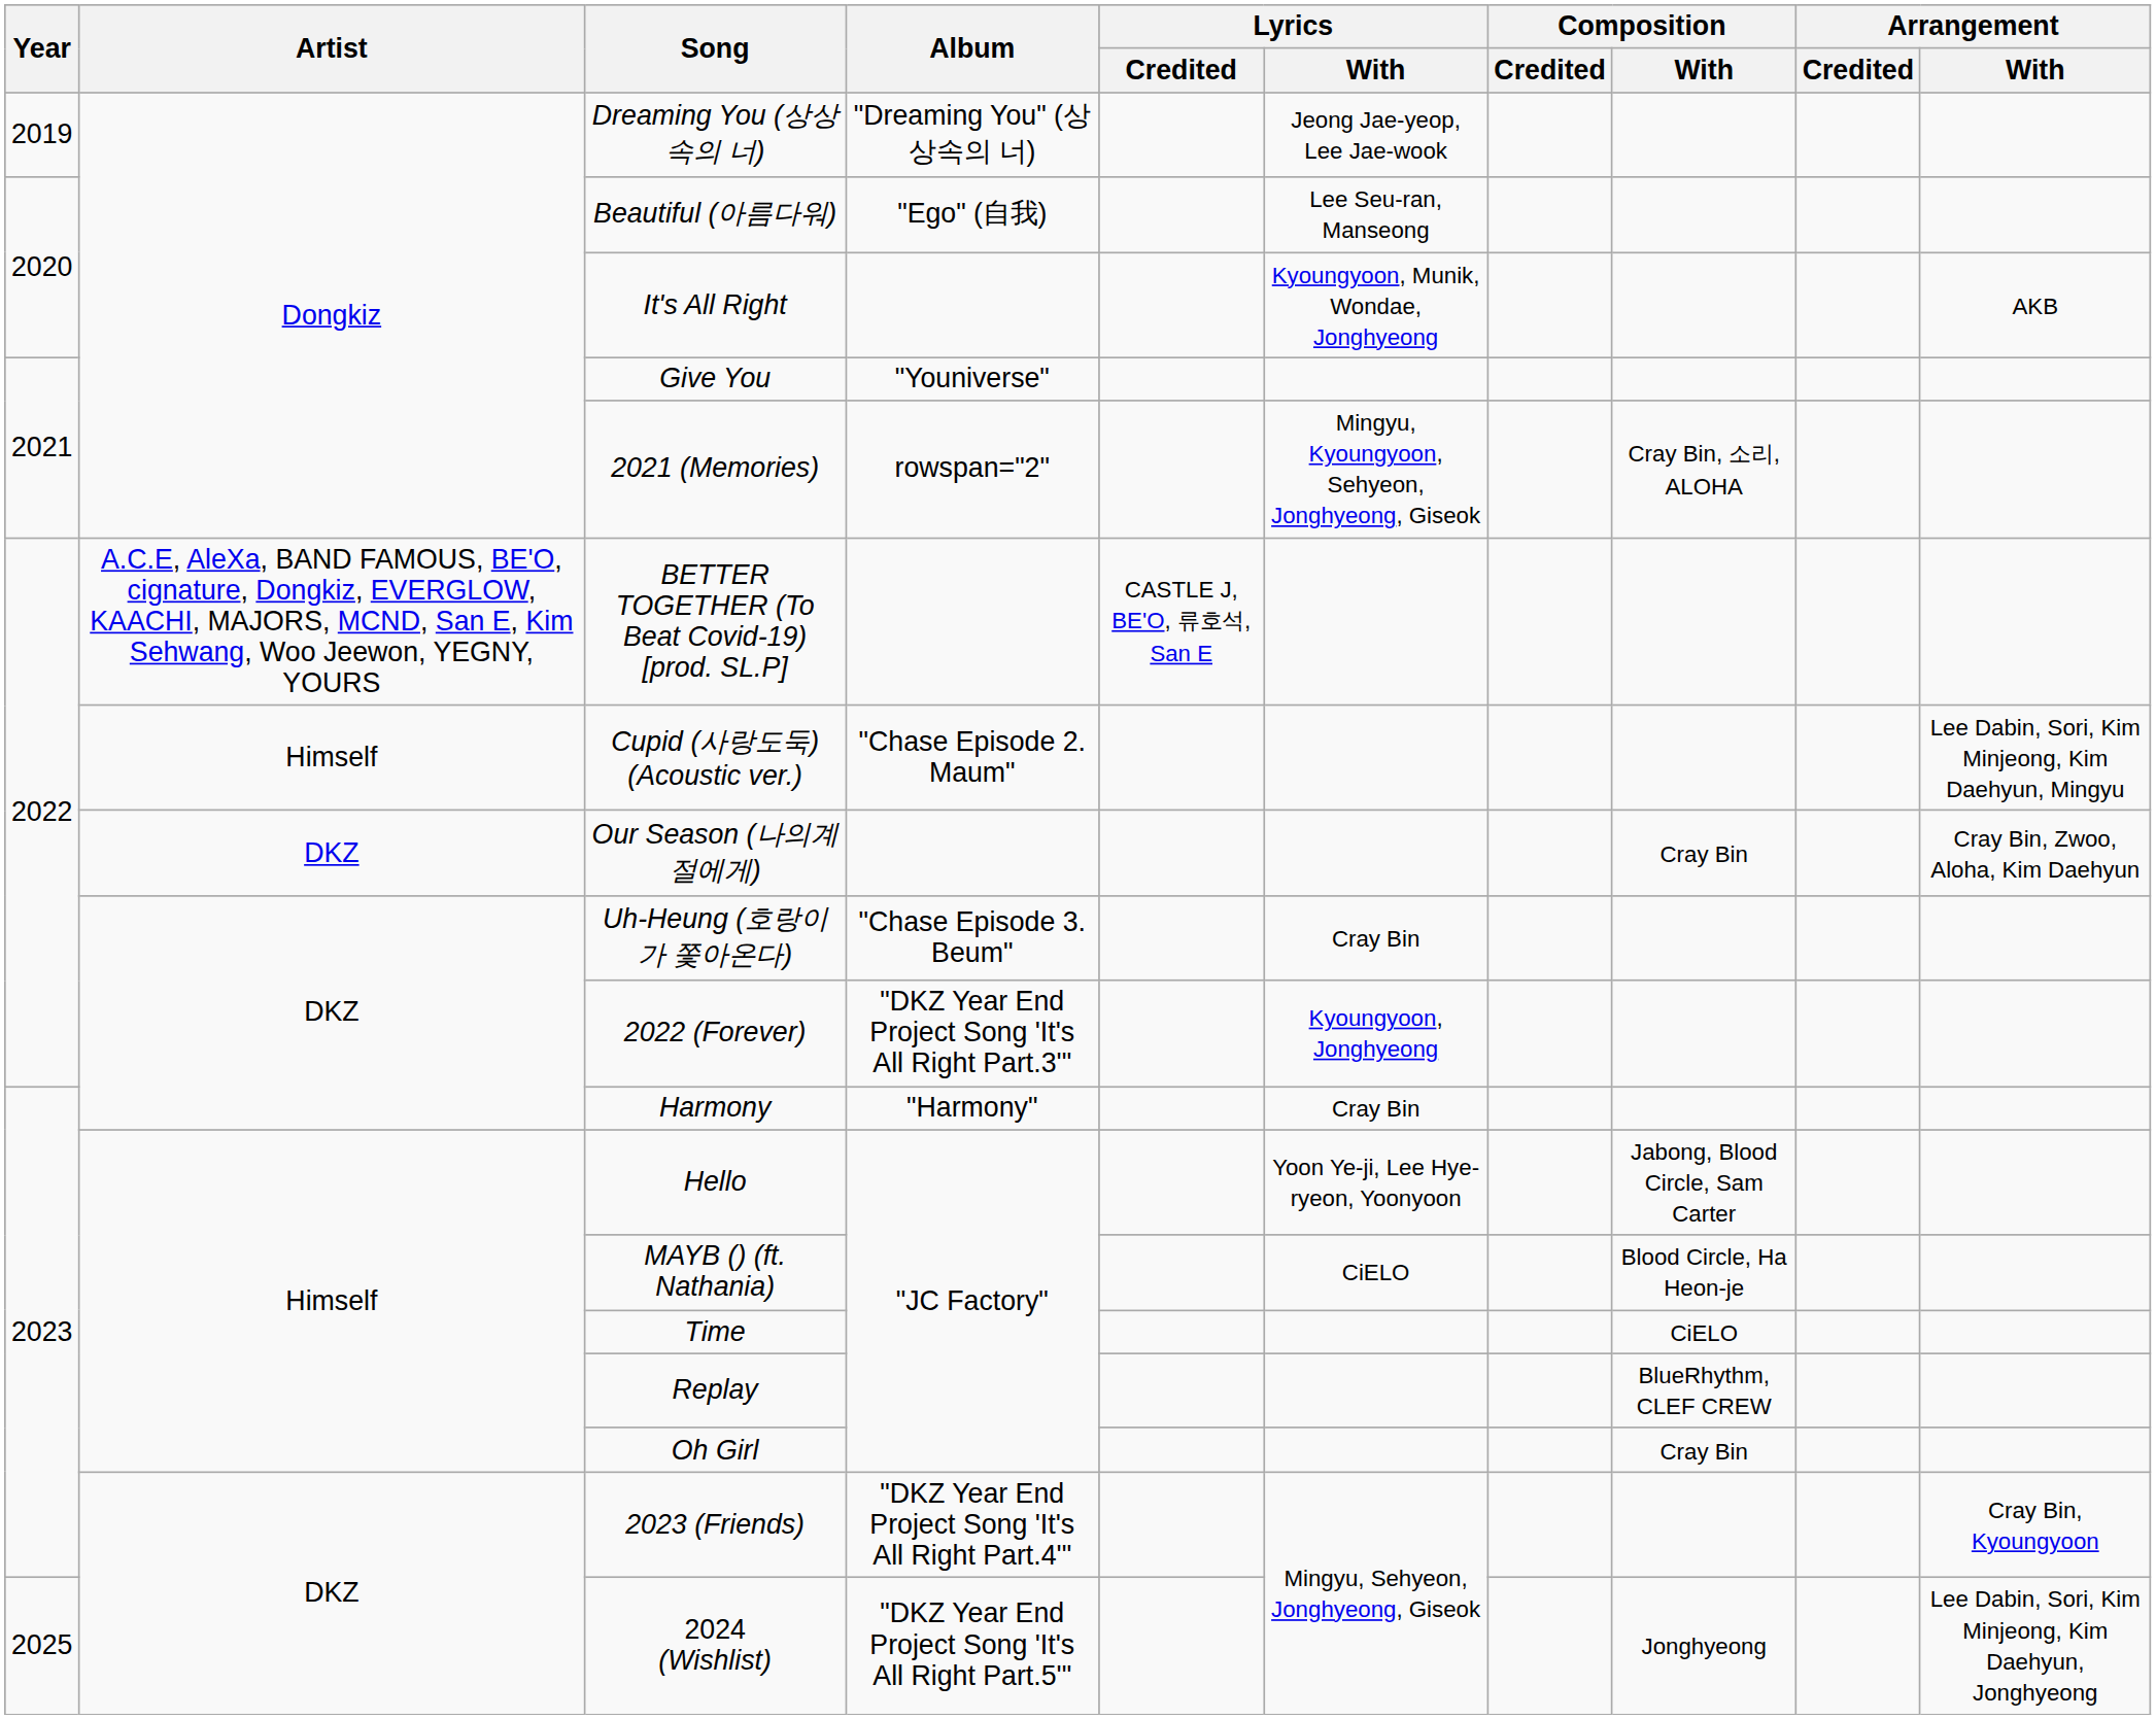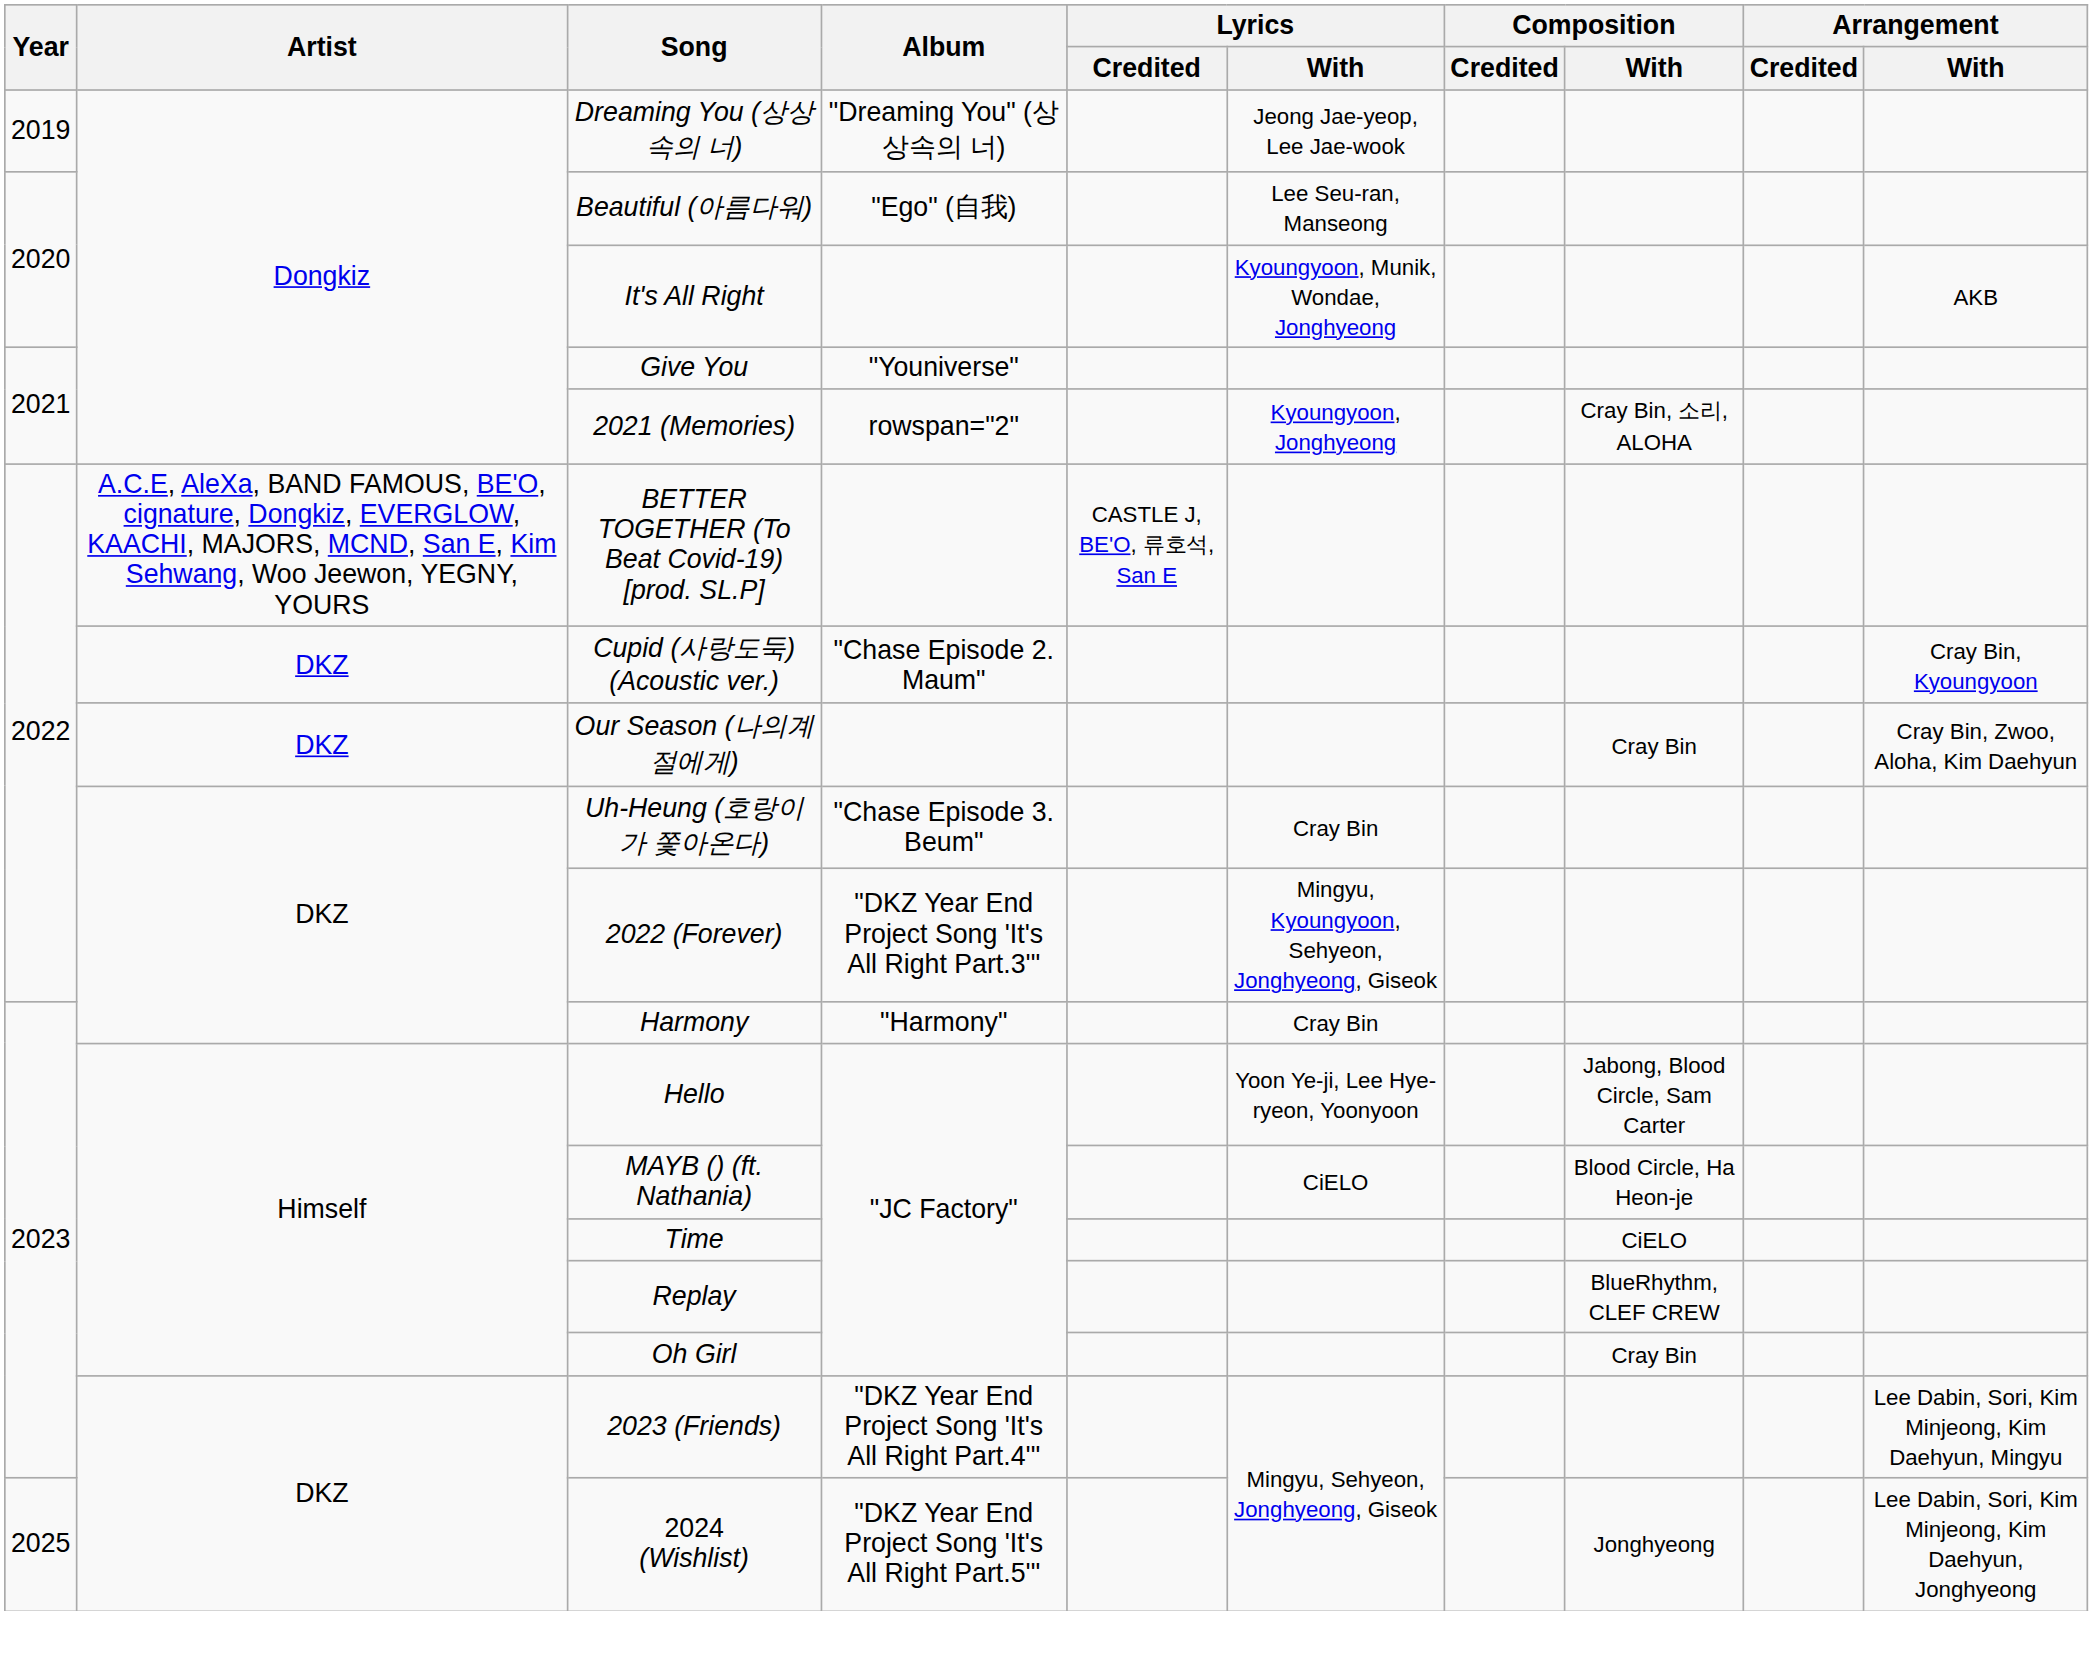 <table class="wikitable plainrowheaders" style="text-align:center;">
 <tr>
 <th rowspan="2">Year</th>
 <th rowspan="2">Artist</th>
 <th rowspan="2">Song</th>
 <th rowspan="2">Album</th>
 <th colspan="2">Lyrics</th>
 <th colspan="2">Composition</th>
 <th colspan="2">Arrangement</th>
 </tr>
 <tr>
 <th>Credited</th>
 <th>With</th>
 <th>Credited</th>
 <th>With</th>
 <th>Credited</th>
 <th>With</th>
 </tr>
 <tr>
 <td>2019</td>
 <td rowspan="5"><a href='#'>Dongkiz</a></td>
 <td><em>Dreaming You (상상 속의 너)</em></td>
 <td>"Dreaming You"  (상상속의 너)</td>
 <td></td>
 <td><small>Jeong Jae-yeop, Lee Jae-wook</small></td>
 <td></td>
 <td></td>
 <td></td>
 <td></td>
 </tr>
 <tr>
 <td rowspan="2">2020</td>
 <td><em>Beautiful (아름다워)</em></td>
 <td>"Ego" (自我)</td>
 <td></td>
 <td><small>Lee Seu-ran, Manseong</small></td>
 <td></td>
 <td></td>
 <td></td>
 <td></td>
 </tr>
 <tr>
 <td><em>It's All Right</em></td>
 <td></td>
 <td></td>
 <td><small><a href='#'>Kyoungyoon</a>, Munik, Wondae, <a href='#'>Jonghyeong</a></small></td>
 <td></td>
 <td></td>
 <td></td>
 <td><small>AKB</small></td>
 </tr>
 <tr>
 <td rowspan="2">2021</td>
 <td><em>Give You</em></td>
 <td>"Youniverse"</td>
 <td></td>
 <td></td>
 <td></td>
 <td></td>
 <td></td>
 <td></td>
 </tr>
 <tr>
 <td><em>2021 (Memories)</em></td>
 <td>rowspan="2" </td>
 <td></td>
-<td><small>Mingyu, <a href='#'>Kyoungyoon</a>, Sehyeon, <a href='#'>Jonghyeong</a>, Giseok</small></td>
+<td><small><a href='#'>Kyoungyoon</a>, <a href='#'>Jonghyeong</a></small></td>
 <td></td>
 <td><small>Cray Bin, 소리, ALOHA</small></td>
 <td></td>
 <td></td>
 </tr>
 <tr>
 <td rowspan="5">2022</td>
 <td><a href='#'>A.C.E</a>, <a href='#'>AleXa</a>, BAND FAMOUS, <a href='#'>BE'O</a>, <a href='#'>cignature</a>, <a href='#'>Dongkiz</a>, <a href='#'>EVERGLOW</a>, <a href='#'>KAACHI</a>, MAJORS, <a href='#'>MCND</a>, <a href='#'>San E</a>, <a href='#'>Kim Sehwang</a>, Woo Jeewon, YEGNY, YOURS</td>
 <td><em>BETTER TOGETHER (To Beat Covid-19) [prod. SL.P]</em></td>
 <td></td>
 <td><small>CASTLE J, <a href='#'>BE'O</a>, 류호석, <a href='#'>San E</a></small></td>
 <td></td>
 <td></td>
 <td></td>
 <td></td>
 </tr>
 <tr>
-<td>Himself</td>
+<td><a href='#'>DKZ</a></td>
 <td><em>Cupid (사랑도둑) (Acoustic ver.)</em></td>
 <td>"Chase Episode 2. Maum"</td>
 <td></td>
 <td></td>
 <td></td>
 <td></td>
 <td></td>
-<td><small>Lee Dabin, Sori, Kim Minjeong, Kim Daehyun, Mingyu</small></td>
+<td><small>Cray Bin, <a href='#'>Kyoungyoon</a></small></td>
 </tr>
 <tr>
 <td><a href='#'>DKZ</a></td>
 <td><em>Our Season (나의계절에게)</em></td>
 <td></td>
 <td></td>
 <td></td>
 <td></td>
 <td><small>Cray Bin</small></td>
 <td></td>
 <td><small>Cray Bin, Zwoo, Aloha, Kim Daehyun</small></td>
 </tr>
 <tr>
 <td rowspan="3">DKZ</td>
 <td><em>Uh-Heung (호랑이가 쫓아온다)</em></td>
 <td>"Chase Episode 3. Beum"</td>
 <td></td>
 <td><small>Cray Bin</small></td>
 <td></td>
 <td></td>
 <td></td>
 <td></td>
 </tr>
 <tr>
 <td><em>2022 (Forever)</em></td>
 <td>"DKZ Year End Project Song 'It's All Right Part.3'"</td>
 <td></td>
-<td><small><a href='#'>Kyoungyoon</a>, <a href='#'>Jonghyeong</a></small></td>
+<td><small>Mingyu, <a href='#'>Kyoungyoon</a>, Sehyeon, <a href='#'>Jonghyeong</a>, Giseok</small></td>
 <td></td>
 <td></td>
 <td></td>
 <td></td>
 </tr>
 <tr>
 <td rowspan="7">2023</td>
 <td><em>Harmony</em></td>
 <td>"Harmony"</td>
 <td></td>
 <td><small>Cray Bin</small></td>
 <td></td>
 <td></td>
 <td></td>
 <td></td>
 </tr>
 <tr>
 <td rowspan="5">Himself</td>
 <td><em>Hello</em></td>
 <td rowspan="5">"JC Factory"</td>
 <td></td>
 <td><small>Yoon Ye-ji, Lee Hye-ryeon, Yoonyoon</small></td>
 <td></td>
 <td><small>Jabong, Blood Circle, Sam Carter</small></td>
 <td></td>
 <td></td>
 </tr>
 <tr>
 <td><em>MAYB () (ft. Nathania)</em></td>
 <td></td>
 <td><small>CiELO</small></td>
 <td></td>
 <td><small>Blood Circle, Ha Heon-je</small></td>
 <td></td>
 <td></td>
 </tr>
 <tr>
 <td><em>Time</em></td>
 <td></td>
 <td></td>
 <td></td>
 <td><small>CiELO</small></td>
 <td></td>
 <td></td>
 </tr>
 <tr>
 <td><em>Replay</em></td>
 <td></td>
 <td></td>
 <td></td>
 <td><small>BlueRhythm, CLEF CREW</small></td>
 <td></td>
 <td></td>
 </tr>
 <tr>
 <td><em>Oh Girl</em></td>
 <td></td>
 <td></td>
 <td></td>
 <td><small>Cray Bin</small></td>
 <td></td>
 <td></td>
 </tr>
 <tr>
 <td rowspan="2">DKZ</td>
 <td><em>2023 (Friends)</em></td>
 <td>"DKZ Year End Project Song 'It's All Right Part.4'"</td>
 <td></td>
 <td rowspan="2"><small>Mingyu, Sehyeon, <a href='#'>Jonghyeong</a>, Giseok</small></td>
 <td></td>
 <td></td>
 <td></td>
-<td><small>Cray Bin, <a href='#'>Kyoungyoon</a></small></td>
+<td><small>Lee Dabin, Sori, Kim Minjeong, Kim Daehyun, Mingyu</small></td>
 </tr>
 <tr>
 <td>2025</td>
 <td>2024<br><em>(Wishlist)</em></td>
 <td>"DKZ Year End Project Song 'It's All Right Part.5'"</td>
 <td></td>
 <td></td>
 <td><small>Jonghyeong</small></td>
 <td></td>
 <td><small>Lee Dabin, Sori, Kim Minjeong, Kim Daehyun, Jonghyeong</small></td>
 </tr>
 </table>
